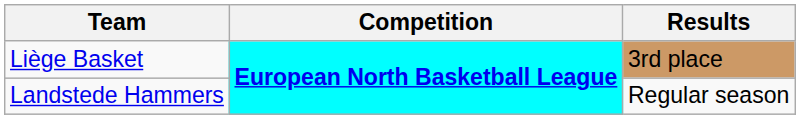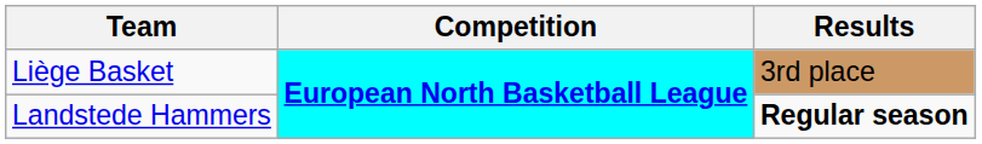 <table class="wikitable sortable">
 <tr>
 <th>Team</th>
 <th>Competition</th>
 <th>Results</th>
 </tr>
 <tr>
 <td><a href='#'>Liège Basket</a></td>
 <td rowspan="2" style="background-color:cyan;color:white;text-align:center"><strong><a href='#'><span>European North Basketball League</span></a></strong></td>
 <td style="background:#cc9966">3rd place</td>
 </tr>
 <tr>
 <td><a href='#'>Landstede Hammers</a></td>
-<td>Regular season</td>
+<td><strong>Regular season</strong></td>
 </tr>
 </table>
